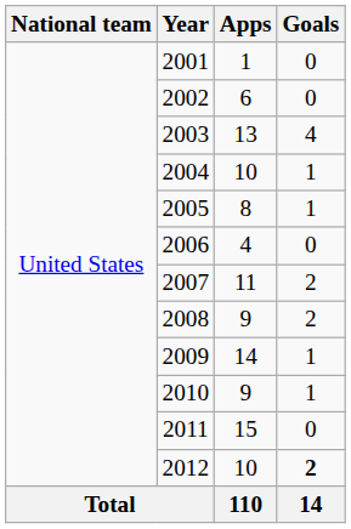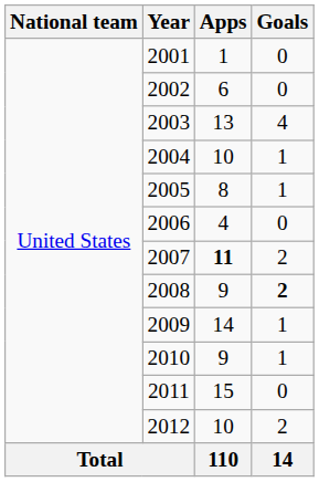 <table class="wikitable" style="text-align: center;">
 <tr>
 <th>National team</th>
 <th>Year</th>
 <th>Apps</th>
 <th>Goals</th>
 </tr>
 <tr>
 <td rowspan="12"><a href='#'>United States</a></td>
 <td>2001</td>
 <td>1</td>
 <td>0</td>
 </tr>
 <tr>
 <td>2002</td>
 <td>6</td>
 <td>0</td>
 </tr>
 <tr>
 <td>2003</td>
 <td>13</td>
 <td>4</td>
 </tr>
 <tr>
 <td>2004</td>
 <td>10</td>
 <td>1</td>
 </tr>
 <tr>
 <td>2005</td>
 <td>8</td>
 <td>1</td>
 </tr>
 <tr>
 <td>2006</td>
 <td>4</td>
 <td>0</td>
 </tr>
 <tr>
 <td>2007</td>
-<td>11</td>
+<td><strong>11</strong></td>
 <td>2</td>
 </tr>
 <tr>
 <td>2008</td>
 <td>9</td>
-<td>2</td>
+<td><strong>2</strong></td>
 </tr>
 <tr>
 <td>2009</td>
 <td>14</td>
 <td>1</td>
 </tr>
 <tr>
 <td>2010</td>
 <td>9</td>
 <td>1</td>
 </tr>
 <tr>
 <td>2011</td>
 <td>15</td>
 <td>0</td>
 </tr>
 <tr>
 <td>2012</td>
 <td>10</td>
-<td><strong>2</strong></td>
+<td>2</td>
 </tr>
 <tr>
 <th colspan="2">Total</th>
 <th>110</th>
 <th>14</th>
 </tr>
 </table>
